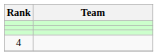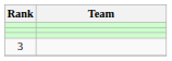 <table class=wikitable style="text-align:center;">
 <tr>
 <th>Rank</th>
 <th width=180>Team</th>
 </tr>
 <tr bgcolor=#CCFFCC>
 <td></td>
 <td align=left></td>
 </tr>
 <tr bgcolor=#CCFFCC>
 <td></td>
 <td align=left></td>
 </tr>
 <tr bgcolor=#CCFFCC>
 <td></td>
 <td align=left></td>
 </tr>
 <tr>
-<td>4</td>
+<td>3</td>
 <td align=left></td>
 </tr>
 <tr>
 </tr>
 </table>
